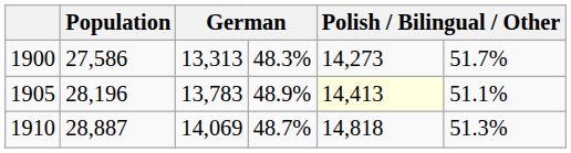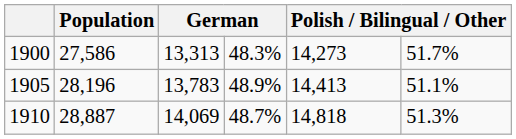 <table class="wikitable">
 <tr>
 <th></th>
 <th>Population</th>
 <th colspan="2">German</th>
 <th colspan="2">Polish / Bilingual / Other</th>
 </tr>
 <tr>
 <td>1900</td>
 <td>27,586</td>
 <td>13,313</td>
 <td>48.3%</td>
 <td>14,273</td>
 <td>51.7%</td>
 </tr>
 <tr>
 <td>1905</td>
 <td>28,196</td>
 <td>13,783</td>
 <td>48.9%</td>
-<td style="background: lightyellow;">14,413</td>
+<td>14,413</td>
 <td>51.1%</td>
 </tr>
 <tr>
 <td>1910</td>
 <td>28,887</td>
 <td>14,069</td>
 <td>48.7%</td>
 <td>14,818</td>
 <td>51.3%</td>
 </tr>
 </table>
